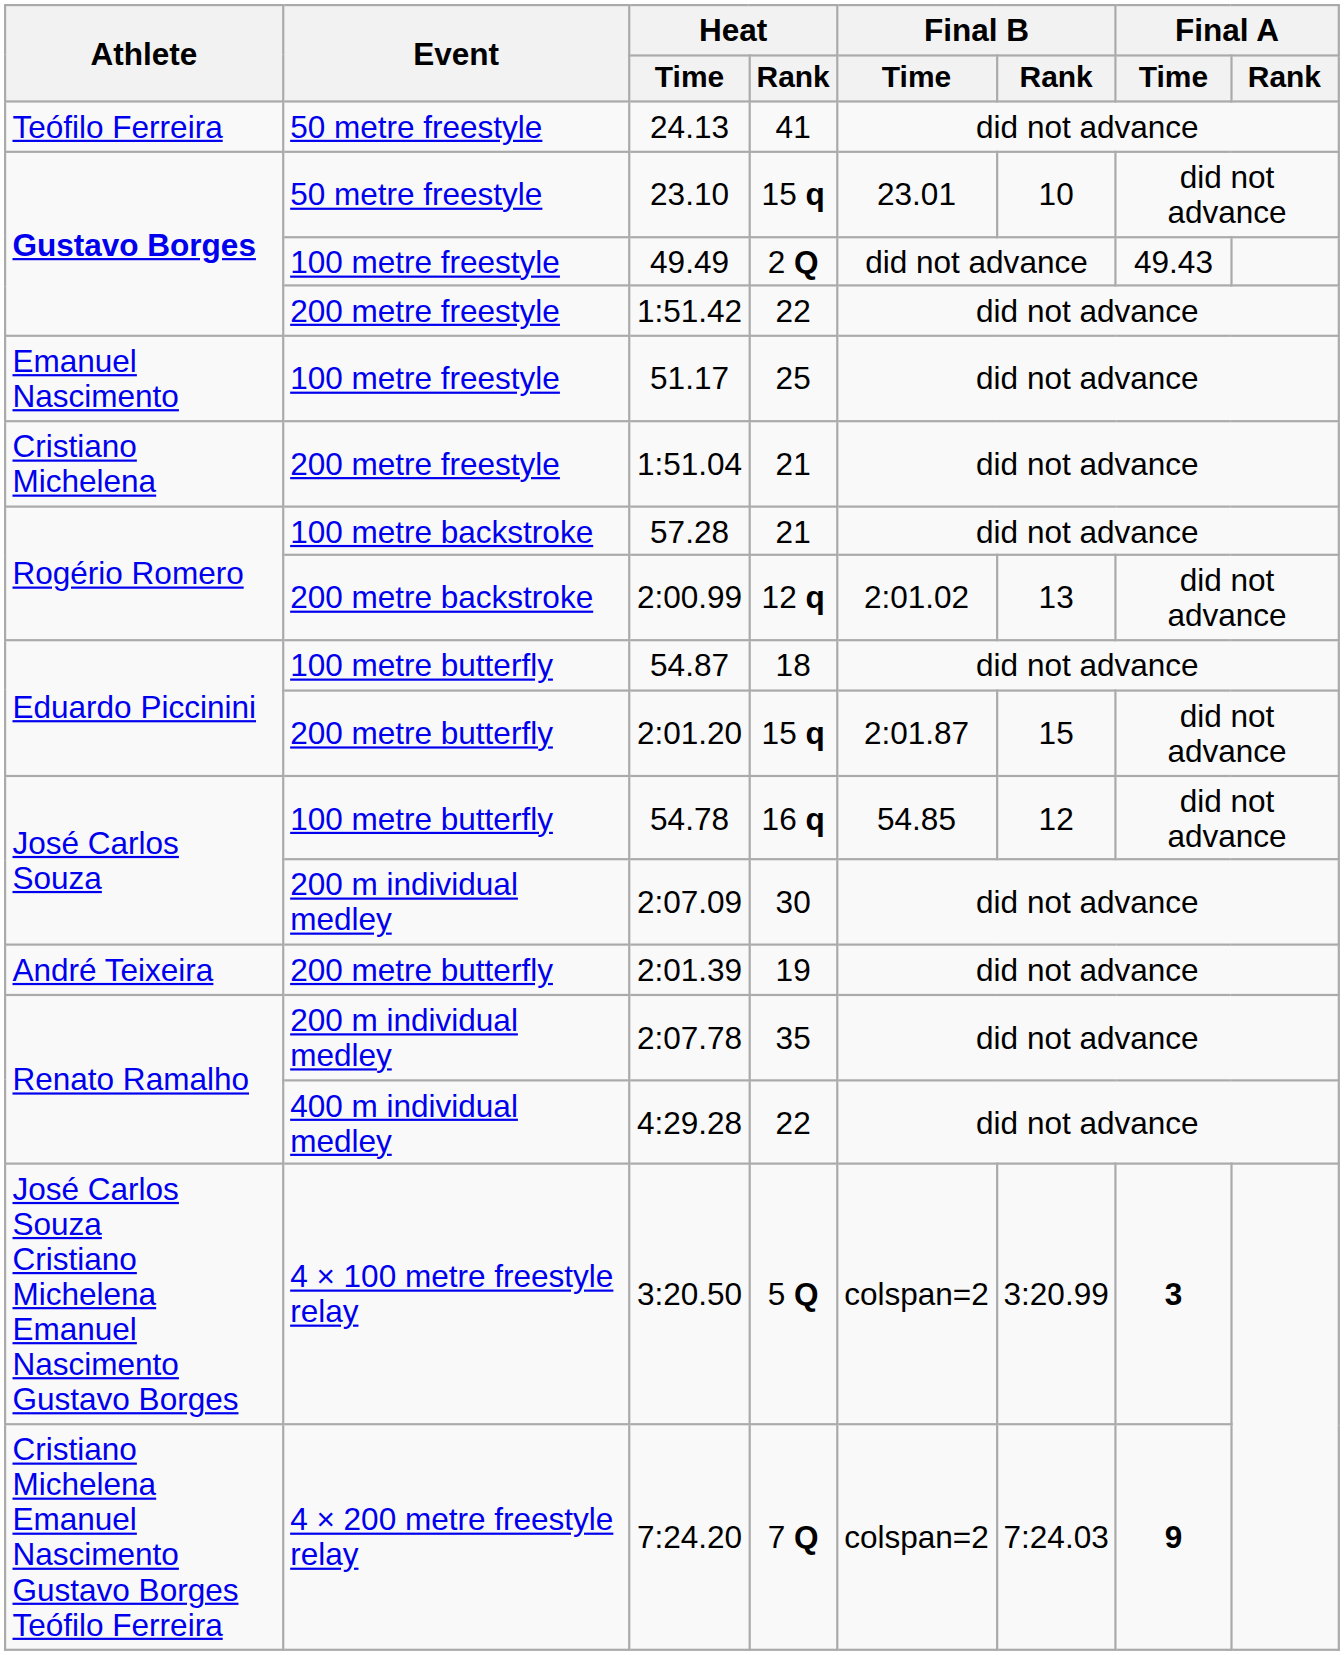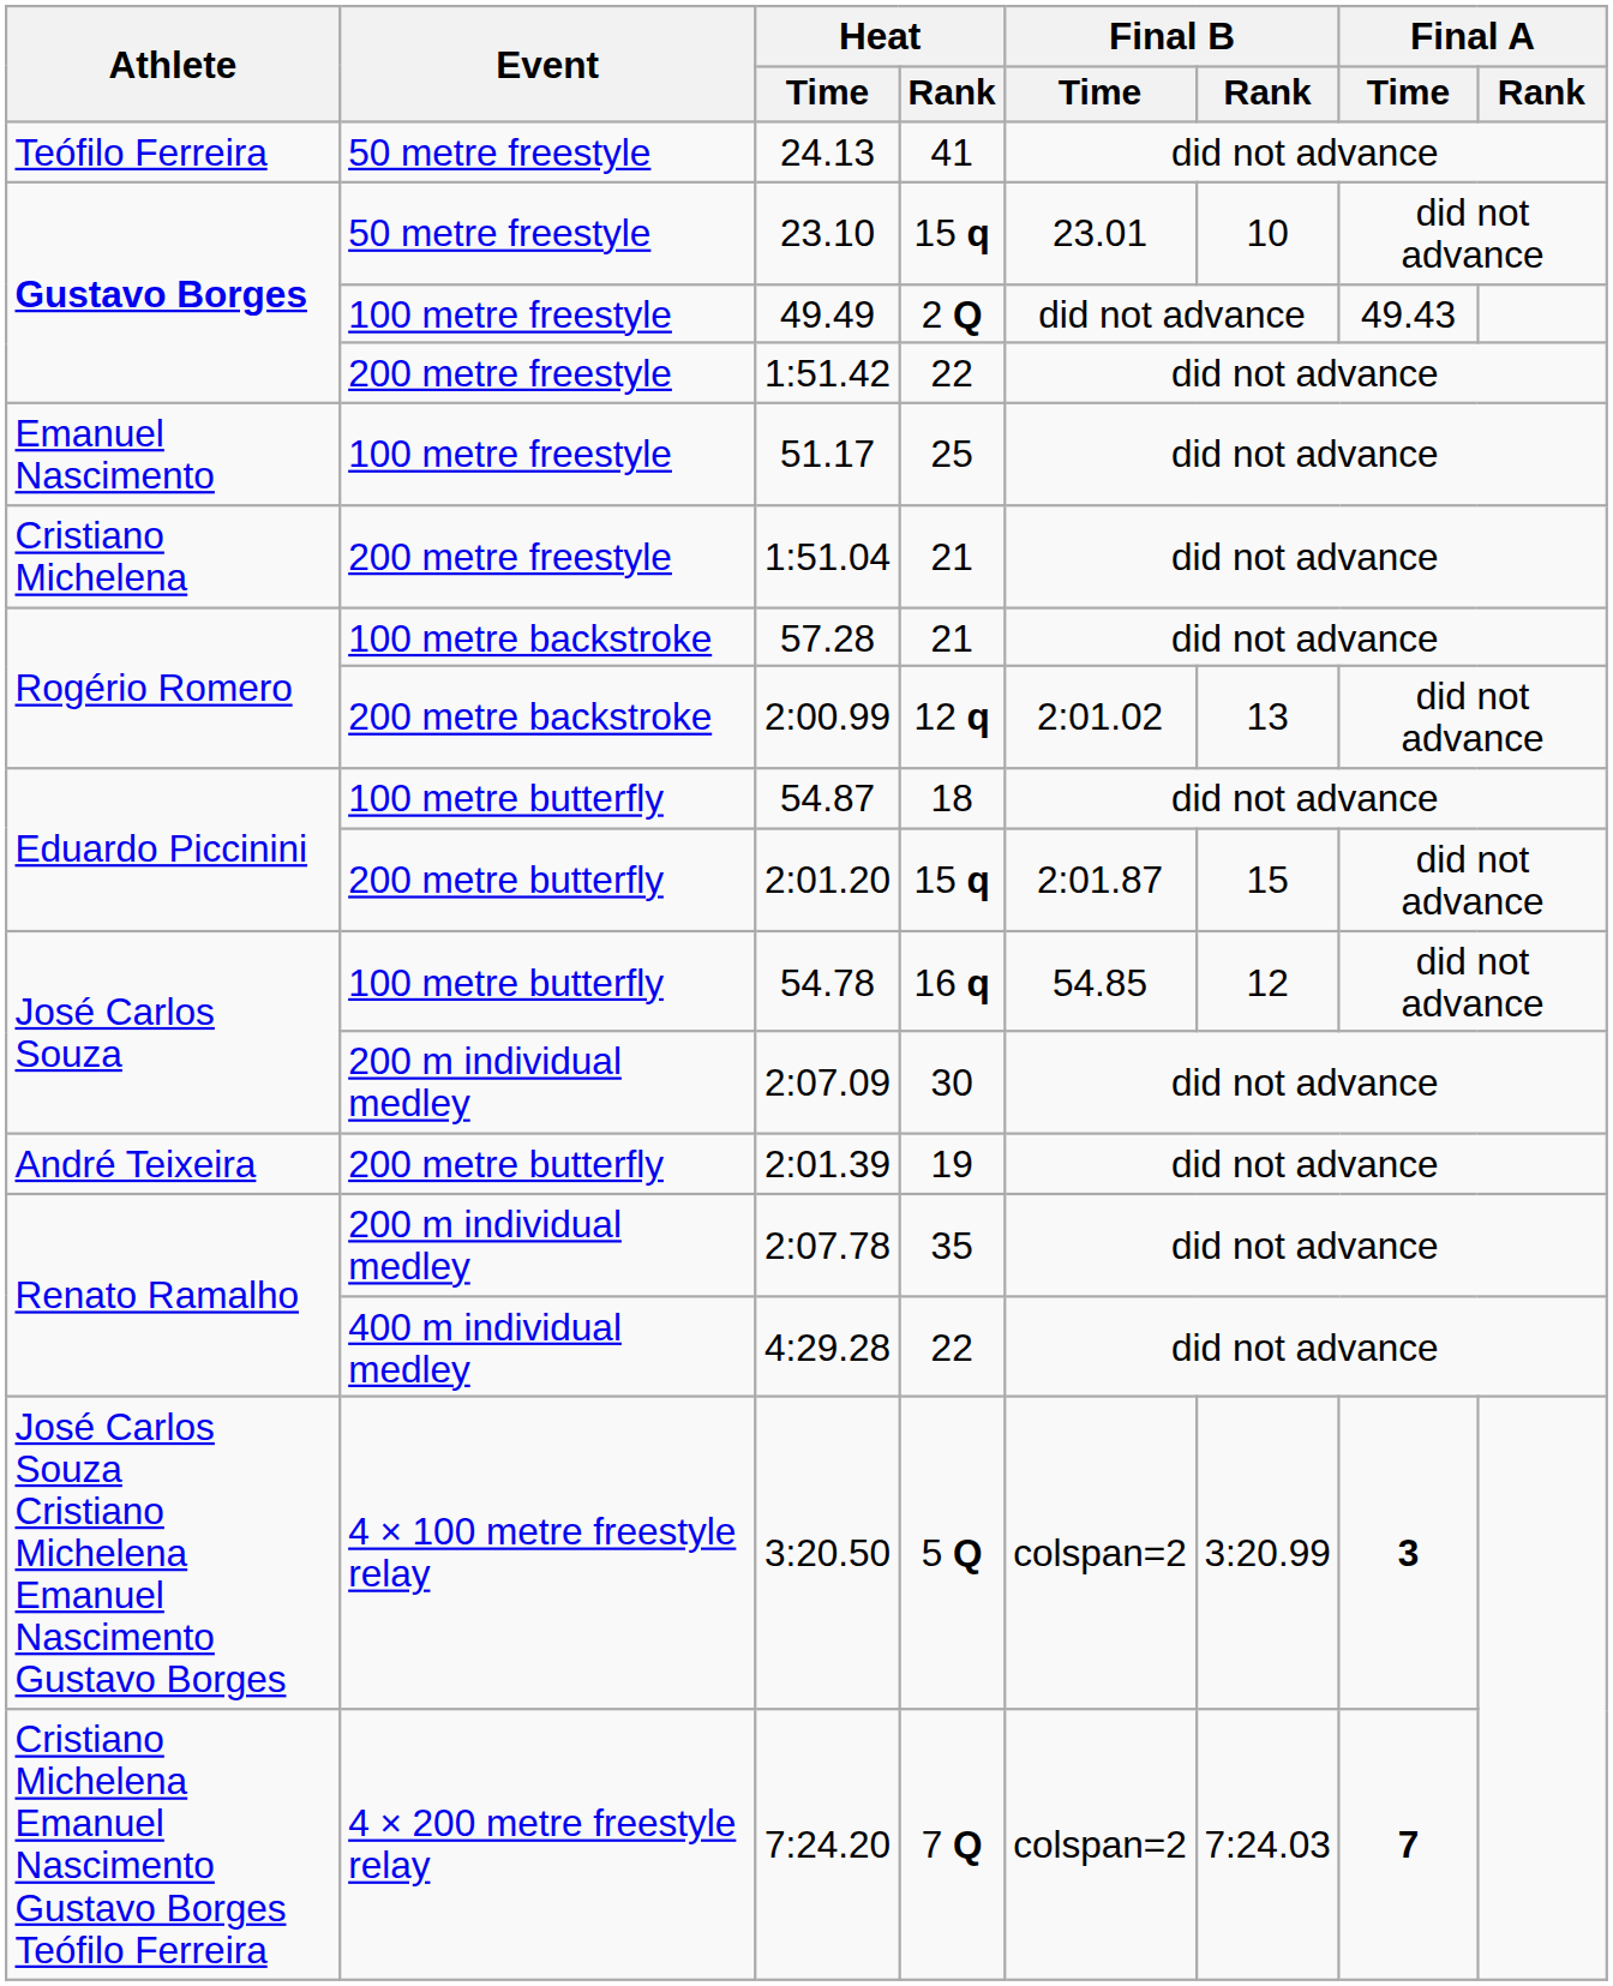 <table class=wikitable style="font-size:90%">
 <tr>
 <th rowspan="2">Athlete</th>
 <th rowspan="2">Event</th>
 <th colspan="2">Heat</th>
 <th colspan="2">Final B</th>
 <th colspan="2">Final A</th>
 </tr>
 <tr style="font-size:95%">
 <th>Time</th>
 <th>Rank</th>
 <th>Time</th>
 <th>Rank</th>
 <th>Time</th>
 <th>Rank</th>
 </tr>
 <tr align=center>
 <td style="text-align:left;" rowspan="1"><a href='#'>Teófilo Ferreira</a></td>
 <td style="text-align:left;"><a href='#'>50 metre freestyle</a></td>
 <td>24.13</td>
 <td>41</td>
 <td colspan=4>did not advance</td>
 </tr>
 <tr align=center>
 <td style="text-align:left;" rowspan="3"><strong><a href='#'>Gustavo Borges</a></strong></td>
 <td style="text-align:left;"><a href='#'>50 metre freestyle</a></td>
 <td>23.10</td>
 <td>15 <strong>q</strong></td>
 <td>23.01</td>
 <td>10</td>
 <td colspan=2>did not advance</td>
 </tr>
 <tr align=center>
 <td style="text-align:left;"><a href='#'>100 metre freestyle</a></td>
 <td>49.49</td>
 <td>2 <strong>Q</strong></td>
 <td colspan=2>did not advance</td>
 <td>49.43</td>
 <td></td>
 </tr>
 <tr align=center>
 <td style="text-align:left;"><a href='#'>200 metre freestyle</a></td>
 <td>1:51.42</td>
 <td>22</td>
 <td colspan=4>did not advance</td>
 </tr>
 <tr align=center>
 <td style="text-align:left;" rowspan="1"><a href='#'>Emanuel Nascimento</a></td>
 <td style="text-align:left;"><a href='#'>100 metre freestyle</a></td>
 <td>51.17</td>
 <td>25</td>
 <td colspan=4>did not advance</td>
 </tr>
 <tr align=center>
 <td style="text-align:left;" rowspan="1"><a href='#'>Cristiano Michelena</a></td>
 <td style="text-align:left;"><a href='#'>200 metre freestyle</a></td>
 <td>1:51.04</td>
 <td>21</td>
 <td colspan=4>did not advance</td>
 </tr>
 <tr align=center>
 <td style="text-align:left;" rowspan="2"><a href='#'>Rogério Romero</a></td>
 <td style="text-align:left;"><a href='#'>100 metre backstroke</a></td>
 <td>57.28</td>
 <td>21</td>
 <td colspan=4>did not advance</td>
 </tr>
 <tr align=center>
 <td style="text-align:left;"><a href='#'>200 metre backstroke</a></td>
 <td>2:00.99</td>
 <td>12 <strong>q</strong></td>
 <td>2:01.02</td>
 <td>13</td>
 <td colspan=2>did not advance</td>
 </tr>
 <tr align=center>
 <td style="text-align:left;" rowspan="2"><a href='#'>Eduardo Piccinini</a></td>
 <td style="text-align:left;"><a href='#'>100 metre butterfly</a></td>
 <td>54.87</td>
 <td>18</td>
 <td colspan=4>did not advance</td>
 </tr>
 <tr align=center>
 <td style="text-align:left;"><a href='#'>200 metre butterfly</a></td>
 <td>2:01.20</td>
 <td>15 <strong>q</strong></td>
 <td>2:01.87</td>
 <td>15</td>
 <td colspan=2>did not advance</td>
 </tr>
 <tr align=center>
 <td style="text-align:left;" rowspan="2"><a href='#'>José Carlos Souza</a></td>
 <td style="text-align:left;"><a href='#'>100 metre butterfly</a></td>
 <td>54.78</td>
 <td>16 <strong>q</strong></td>
 <td>54.85</td>
 <td>12</td>
 <td colspan=2>did not advance</td>
 </tr>
 <tr align=center>
 <td style="text-align:left;"><a href='#'>200 m individual medley</a></td>
 <td>2:07.09</td>
 <td>30</td>
 <td colspan=4>did not advance</td>
 </tr>
 <tr align=center>
 <td style="text-align:left;" rowspan="1"><a href='#'>André Teixeira</a></td>
 <td style="text-align:left;"><a href='#'>200 metre butterfly</a></td>
 <td>2:01.39</td>
 <td>19</td>
 <td colspan=4>did not advance</td>
 </tr>
 <tr align=center>
 <td style="text-align:left;" rowspan="2"><a href='#'>Renato Ramalho</a></td>
 <td style="text-align:left;"><a href='#'>200 m individual medley</a></td>
 <td>2:07.78</td>
 <td>35</td>
 <td colspan=4>did not advance</td>
 </tr>
 <tr align=center>
 <td style="text-align:left;"><a href='#'>400 m individual medley</a></td>
 <td>4:29.28</td>
 <td>22</td>
 <td colspan=4>did not advance</td>
 </tr>
 <tr align=center>
 <td style="text-align:left;" rowspan="1"><a href='#'>José Carlos Souza</a><br><a href='#'>Cristiano Michelena</a><br><a href='#'>Emanuel Nascimento</a><br><a href='#'>Gustavo Borges</a></td>
 <td align=left><a href='#'>4 × 100 metre freestyle relay</a></td>
 <td>3:20.50</td>
 <td>5 <strong>Q</strong></td>
 <td>colspan=2 </td>
 <td>3:20.99</td>
 <td><strong>3</strong></td>
 </tr>
 <tr align=center>
 <td style="text-align:left;" rowspan="1"><a href='#'>Cristiano Michelena</a><br><a href='#'>Emanuel Nascimento</a><br><a href='#'>Gustavo Borges</a><br><a href='#'>Teófilo Ferreira</a></td>
 <td align=left><a href='#'>4 × 200 metre freestyle relay</a></td>
 <td>7:24.20</td>
 <td>7 <strong>Q</strong></td>
 <td>colspan=2 </td>
 <td>7:24.03</td>
-<td><strong>9</strong></td>
+<td><strong>7</strong></td>
 </tr>
 </table>
